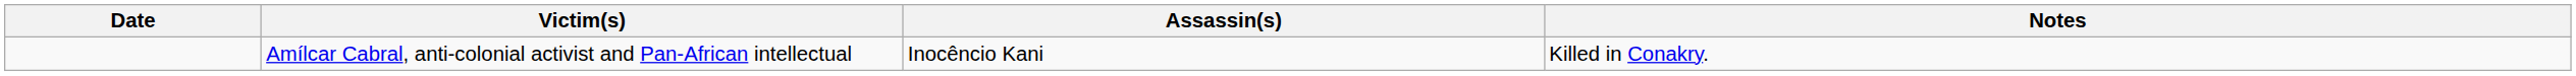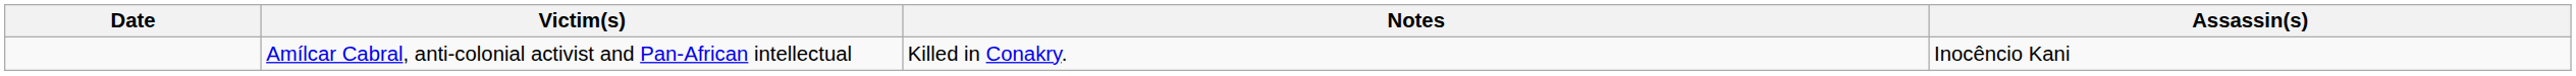 <table class="wikitable sortable" style="width:100%">
 <tr>
 <th style="width:10%">Date</th>
 <th style="width:25%">Victim(s)</th>
+<th style="width:40%">Notes</th>
 <th style="width:25%">Assassin(s)</th>
-<th style="width:40%">Notes</th>
 </tr>
 <tr>
 <td></td>
 <td><a href='#'>Amílcar Cabral</a>, anti-colonial activist and <a href='#'>Pan-African</a> intellectual</td>
+<td>Killed in <a href='#'>Conakry</a>.</td>
 <td>Inocêncio Kani</td>
-<td>Killed in <a href='#'>Conakry</a>.</td>
 </tr>
 </table>
